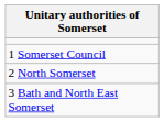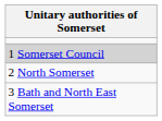 <table class="wikitable" border="1" align="right" width=200px>
 <tr>
 <th>Unitary authorities of Somerset</th>
 </tr>
 <tr>
 <td></td>
 </tr>
 <tr>
-<td>1 <a href='#'>Somerset Council</a></td>
+<td style="background: lightgrey;">1 <a href='#'>Somerset Council</a></td>
 </tr>
 <tr>
 <td>2 <a href='#'>North Somerset</a></td>
 </tr>
 <tr>
 <td>3 <a href='#'>Bath and North East Somerset</a></td>
 </tr>
 </table>
